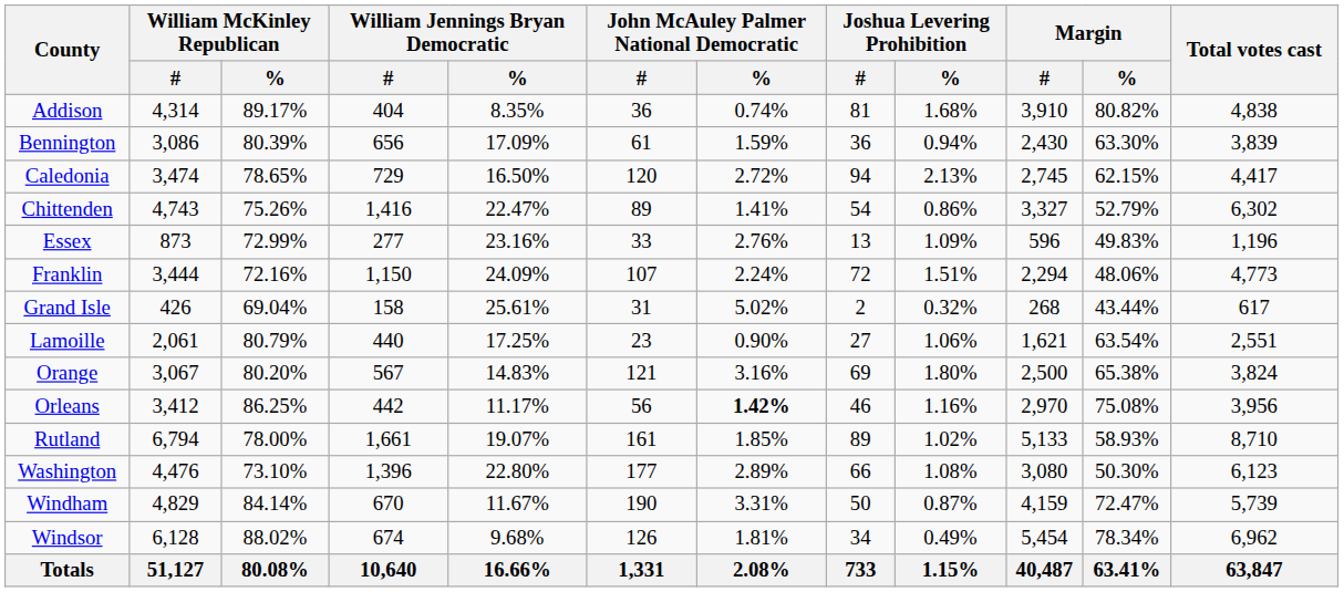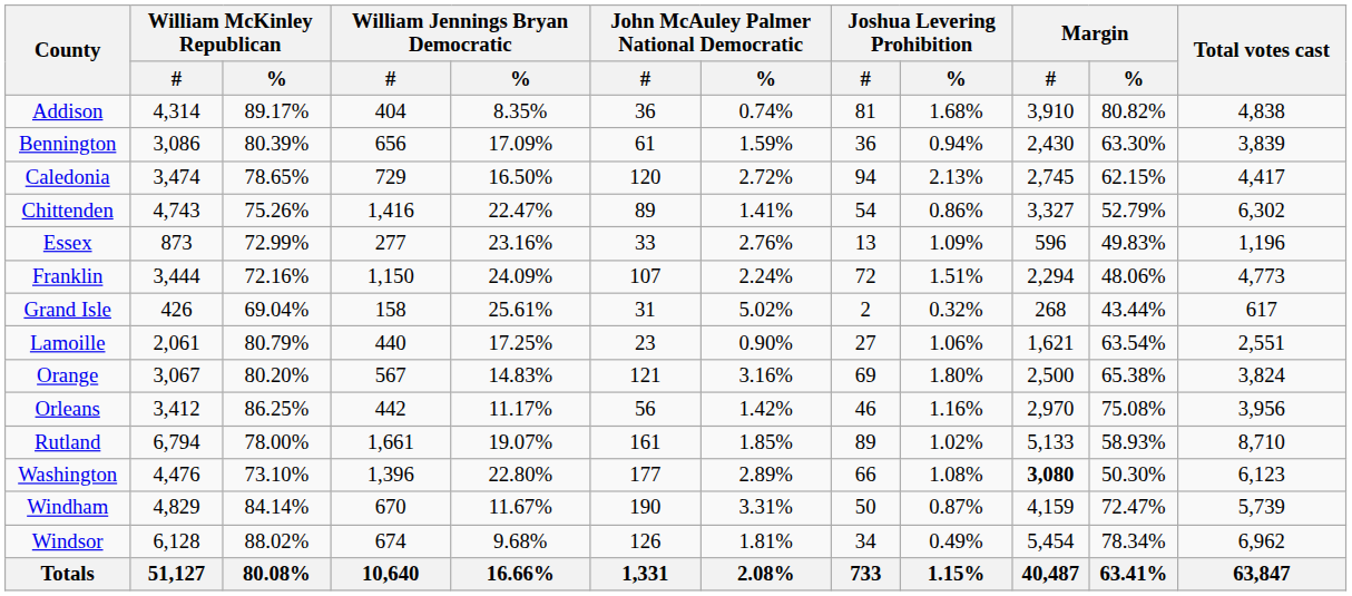 <table width="65%"  class="wikitable sortable" style="text-align:center">
 <tr>
 <th colspan="1" rowspan="2">County</th>
 <th style="text-align:center;" colspan="2">William McKinley<br>Republican</th>
 <th style="text-align:center;" colspan="2">William Jennings Bryan<br>Democratic</th>
 <th style="text-align:center;" colspan="2">John McAuley Palmer<br>National Democratic</th>
 <th style="text-align:center;" colspan="2">Joshua Levering<br>Prohibition</th>
 <th style="text-align:center;" colspan="2">Margin</th>
 <th colspan="1" rowspan="2" style="text-align:center;">Total votes cast</th>
 </tr>
 <tr>
 <th data-sort-type="number">#</th>
 <th data-sort-type="number">%</th>
 <th data-sort-type="number">#</th>
 <th data-sort-type="number">%</th>
 <th data-sort-type="number">#</th>
 <th data-sort-type="number">%</th>
 <th data-sort-type="number">#</th>
 <th data-sort-type="number">%</th>
 <th data-sort-type="number">#</th>
 <th data-sort-type="number">%</th>
 </tr>
 <tr style="text-align:center;">
 <td><a href='#'>Addison</a></td>
 <td>4,314</td>
 <td>89.17%</td>
 <td>404</td>
 <td>8.35%</td>
 <td>36</td>
 <td>0.74%</td>
 <td>81</td>
 <td>1.68%</td>
 <td>3,910</td>
 <td>80.82%</td>
 <td>4,838</td>
 </tr>
 <tr style="text-align:center;">
 <td><a href='#'>Bennington</a></td>
 <td>3,086</td>
 <td>80.39%</td>
 <td>656</td>
 <td>17.09%</td>
 <td>61</td>
 <td>1.59%</td>
 <td>36</td>
 <td>0.94%</td>
 <td>2,430</td>
 <td>63.30%</td>
 <td>3,839</td>
 </tr>
 <tr style="text-align:center;">
 <td><a href='#'>Caledonia</a></td>
 <td>3,474</td>
 <td>78.65%</td>
 <td>729</td>
 <td>16.50%</td>
 <td>120</td>
 <td>2.72%</td>
 <td>94</td>
 <td>2.13%</td>
 <td>2,745</td>
 <td>62.15%</td>
 <td>4,417</td>
 </tr>
 <tr style="text-align:center;">
 <td><a href='#'>Chittenden</a></td>
 <td>4,743</td>
 <td>75.26%</td>
 <td>1,416</td>
 <td>22.47%</td>
 <td>89</td>
 <td>1.41%</td>
 <td>54</td>
 <td>0.86%</td>
 <td>3,327</td>
 <td>52.79%</td>
 <td>6,302</td>
 </tr>
 <tr style="text-align:center;">
 <td><a href='#'>Essex</a></td>
 <td>873</td>
 <td>72.99%</td>
 <td>277</td>
 <td>23.16%</td>
 <td>33</td>
 <td>2.76%</td>
 <td>13</td>
 <td>1.09%</td>
 <td>596</td>
 <td>49.83%</td>
 <td>1,196</td>
 </tr>
 <tr style="text-align:center;">
 <td><a href='#'>Franklin</a></td>
 <td>3,444</td>
 <td>72.16%</td>
 <td>1,150</td>
 <td>24.09%</td>
 <td>107</td>
 <td>2.24%</td>
 <td>72</td>
 <td>1.51%</td>
 <td>2,294</td>
 <td>48.06%</td>
 <td>4,773</td>
 </tr>
 <tr style="text-align:center;">
 <td><a href='#'>Grand Isle</a></td>
 <td>426</td>
 <td>69.04%</td>
 <td>158</td>
 <td>25.61%</td>
 <td>31</td>
 <td>5.02%</td>
 <td>2</td>
 <td>0.32%</td>
 <td>268</td>
 <td>43.44%</td>
 <td>617</td>
 </tr>
 <tr style="text-align:center;">
 <td><a href='#'>Lamoille</a></td>
 <td>2,061</td>
 <td>80.79%</td>
 <td>440</td>
 <td>17.25%</td>
 <td>23</td>
 <td>0.90%</td>
 <td>27</td>
 <td>1.06%</td>
 <td>1,621</td>
 <td>63.54%</td>
 <td>2,551</td>
 </tr>
 <tr style="text-align:center;">
 <td><a href='#'>Orange</a></td>
 <td>3,067</td>
 <td>80.20%</td>
 <td>567</td>
 <td>14.83%</td>
 <td>121</td>
 <td>3.16%</td>
 <td>69</td>
 <td>1.80%</td>
 <td>2,500</td>
 <td>65.38%</td>
 <td>3,824</td>
 </tr>
 <tr style="text-align:center;">
 <td><a href='#'>Orleans</a></td>
 <td>3,412</td>
 <td>86.25%</td>
 <td>442</td>
 <td>11.17%</td>
 <td>56</td>
-<td><strong>1.42%</strong></td>
+<td>1.42%</td>
 <td>46</td>
 <td>1.16%</td>
 <td>2,970</td>
 <td>75.08%</td>
 <td>3,956</td>
 </tr>
 <tr style="text-align:center;">
 <td><a href='#'>Rutland</a></td>
 <td>6,794</td>
 <td>78.00%</td>
 <td>1,661</td>
 <td>19.07%</td>
 <td>161</td>
 <td>1.85%</td>
 <td>89</td>
 <td>1.02%</td>
 <td>5,133</td>
 <td>58.93%</td>
 <td>8,710</td>
 </tr>
 <tr style="text-align:center;">
 <td><a href='#'>Washington</a></td>
 <td>4,476</td>
 <td>73.10%</td>
 <td>1,396</td>
 <td>22.80%</td>
 <td>177</td>
 <td>2.89%</td>
 <td>66</td>
 <td>1.08%</td>
-<td>3,080</td>
+<td><strong>3,080</strong></td>
 <td>50.30%</td>
 <td>6,123</td>
 </tr>
 <tr style="text-align:center;">
 <td><a href='#'>Windham</a></td>
 <td>4,829</td>
 <td>84.14%</td>
 <td>670</td>
 <td>11.67%</td>
 <td>190</td>
 <td>3.31%</td>
 <td>50</td>
 <td>0.87%</td>
 <td>4,159</td>
 <td>72.47%</td>
 <td>5,739</td>
 </tr>
 <tr style="text-align:center;">
 <td><a href='#'>Windsor</a></td>
 <td>6,128</td>
 <td>88.02%</td>
 <td>674</td>
 <td>9.68%</td>
 <td>126</td>
 <td>1.81%</td>
 <td>34</td>
 <td>0.49%</td>
 <td>5,454</td>
 <td>78.34%</td>
 <td>6,962</td>
 </tr>
 <tr style="text-align:center;">
 <th>Totals</th>
 <th>51,127</th>
 <th>80.08%</th>
 <th>10,640</th>
 <th>16.66%</th>
 <th>1,331</th>
 <th>2.08%</th>
 <th>733</th>
 <th>1.15%</th>
 <th>40,487</th>
 <th>63.41%</th>
 <th>63,847</th>
 </tr>
 </table>
